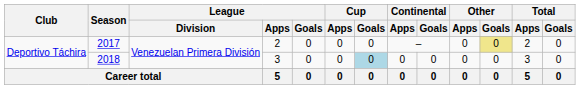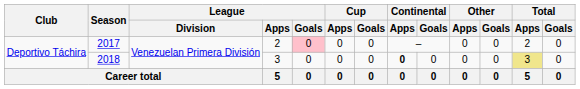 <table class="wikitable" style="text-align: center">
 <tr>
 <th rowspan="2">Club</th>
 <th rowspan="2">Season</th>
 <th colspan="3">League</th>
 <th colspan="2">Cup</th>
 <th colspan="2">Continental</th>
 <th colspan="2">Other</th>
 <th colspan="2">Total</th>
 </tr>
 <tr>
 <th>Division</th>
 <th>Apps</th>
 <th>Goals</th>
 <th>Apps</th>
 <th>Goals</th>
 <th>Apps</th>
 <th>Goals</th>
 <th>Apps</th>
 <th>Goals</th>
 <th>Apps</th>
 <th>Goals</th>
 </tr>
 <tr>
 <td rowspan="2"><a href='#'>Deportivo Táchira</a></td>
 <td><a href='#'>2017</a></td>
 <td rowspan="2"><a href='#'>Venezuelan Primera División</a></td>
 <td>2</td>
-<td>0</td>
+<td style="background: pink;">0</td>
 <td>0</td>
 <td>0</td>
 <td colspan="2">–</td>
 <td>0</td>
-<td style="background: khaki;">0</td>
+<td>0</td>
 <td>2</td>
 <td>0</td>
 </tr>
 <tr>
 <td><a href='#'>2018</a></td>
 <td>3</td>
 <td>0</td>
 <td>0</td>
-<td style="background: lightblue;">0</td>
+<td>0</td>
+<td><strong>0</strong></td>
 <td>0</td>
 <td>0</td>
 <td>0</td>
-<td>0</td>
-<td>3</td>
+<td style="background: khaki;">3</td>
 <td>0</td>
 </tr>
 <tr>
 <th colspan="3"><strong>Career total</strong></th>
 <th>5</th>
 <th>0</th>
 <th>0</th>
 <th>0</th>
 <th>0</th>
 <th>0</th>
 <th>0</th>
 <th>0</th>
 <th>5</th>
 <th>0</th>
 </tr>
 </table>
